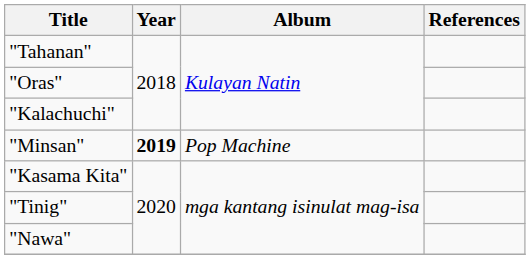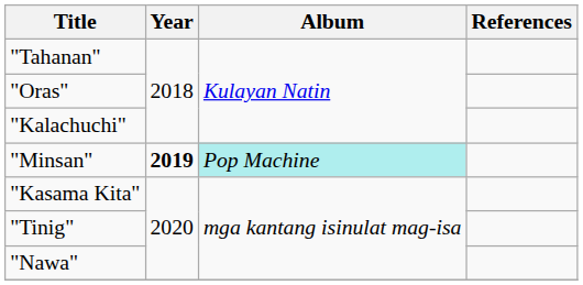 <table class="wikitable">
 <tr>
 <th>Title</th>
 <th>Year</th>
 <th>Album</th>
 <th>References</th>
 </tr>
 <tr>
 <td>"Tahanan"</td>
 <td rowspan="3">2018</td>
 <td rowspan="3"><em><a href='#'>Kulayan Natin</a></em></td>
 <td></td>
 </tr>
 <tr>
 <td>"Oras"</td>
 <td></td>
 </tr>
 <tr>
 <td>"Kalachuchi"</td>
 <td></td>
 </tr>
 <tr>
 <td>"Minsan"</td>
 <td><strong>2019</strong></td>
-<td><em>Pop Machine</em></td>
+<td style="background: paleturquoise;"><em>Pop Machine</em></td>
 <td></td>
 </tr>
 <tr>
 <td>"Kasama Kita"</td>
 <td rowspan="3">2020</td>
 <td rowspan="3"><em>mga kantang isinulat mag-isa</em></td>
 <td></td>
 </tr>
 <tr>
 <td>"Tinig"</td>
 <td></td>
 </tr>
 <tr>
 <td>"Nawa"</td>
 <td></td>
 </tr>
 <tr>
 </tr>
 </table>
